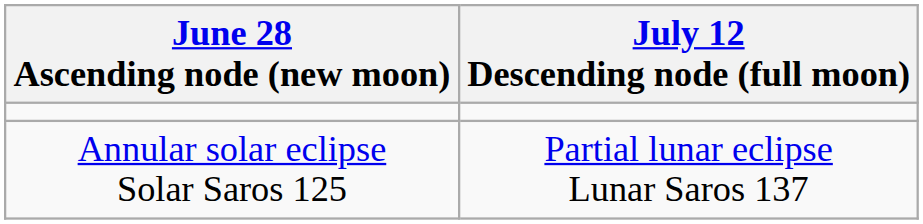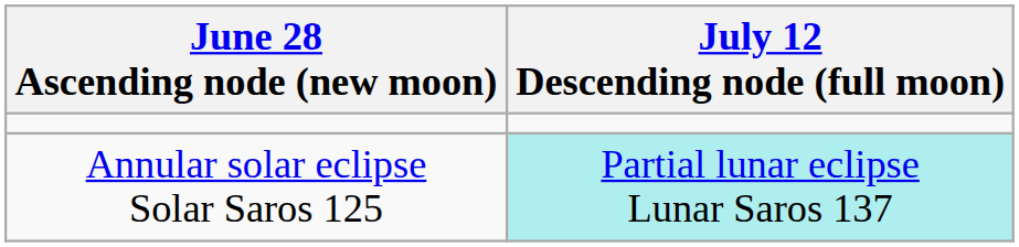 <table class="wikitable">
 <tr>
 <th><a href='#'>June 28</a><br>Ascending node (new moon)<br></th>
 <th><a href='#'>July 12</a><br>Descending node (full moon)<br></th>
 </tr>
 <tr>
 <td></td>
 <td></td>
 </tr>
 <tr align=center>
 <td><a href='#'>Annular solar eclipse</a><br>Solar Saros 125</td>
-<td><a href='#'>Partial lunar eclipse</a><br>Lunar Saros 137</td>
+<td style="background: paleturquoise;"><a href='#'>Partial lunar eclipse</a><br>Lunar Saros 137</td>
 </tr>
 </table>
